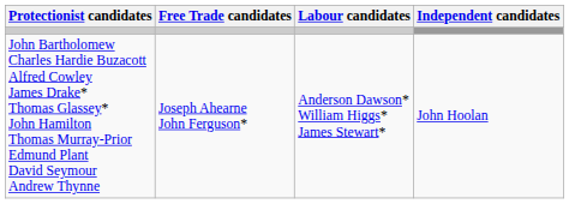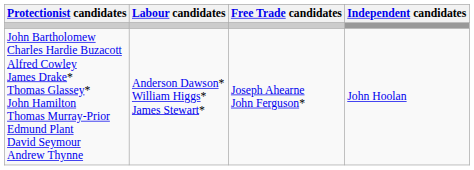 <table class="wikitable">
 <tr>
 <th><a href='#'>Protectionist</a> candidates</th>
+<th><a href='#'>Labour</a> candidates</th>
 <th><a href='#'>Free Trade</a> candidates</th>
-<th><a href='#'>Labour</a> candidates</th>
 <th><a href='#'>Independent</a> candidates</th>
 </tr>
 <tr bgcolor="#cccccc">
 <td></td>
 <td></td>
 <td></td>
 <td bgcolor="#999999"></td>
 </tr>
 <tr>
 <td><a href='#'>John Bartholomew</a><br><a href='#'>Charles Hardie Buzacott</a><br><a href='#'>Alfred Cowley</a><br><a href='#'>James Drake</a>*<br><a href='#'>Thomas Glassey</a>*<br><a href='#'>John Hamilton</a><br><a href='#'>Thomas Murray-Prior</a><br><a href='#'>Edmund Plant</a><br><a href='#'>David Seymour</a><br><a href='#'>Andrew Thynne</a></td>
+<td><a href='#'>Anderson Dawson</a>*<br><a href='#'>William Higgs</a>*<br><a href='#'>James Stewart</a>*</td>
 <td><a href='#'>Joseph Ahearne</a><br><a href='#'>John Ferguson</a>*</td>
-<td><a href='#'>Anderson Dawson</a>*<br><a href='#'>William Higgs</a>*<br><a href='#'>James Stewart</a>*</td>
 <td><a href='#'>John Hoolan</a></td>
 </tr>
 </table>
